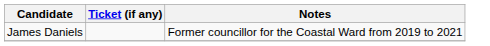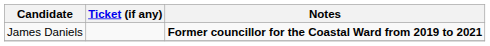 <table class="wikitable" style="font-size: 95%">
 <tr>
 <th>Candidate</th>
 <th><a href='#'>Ticket</a> (if any)</th>
 <th>Notes</th>
 </tr>
 <tr>
 <td>James Daniels</td>
 <td></td>
-<td>Former councillor for the Coastal Ward from 2019 to 2021</td>
+<td><strong>Former councillor for the Coastal Ward from 2019 to 2021</strong></td>
 </tr>
 <tr>
 </tr>
 </table>
